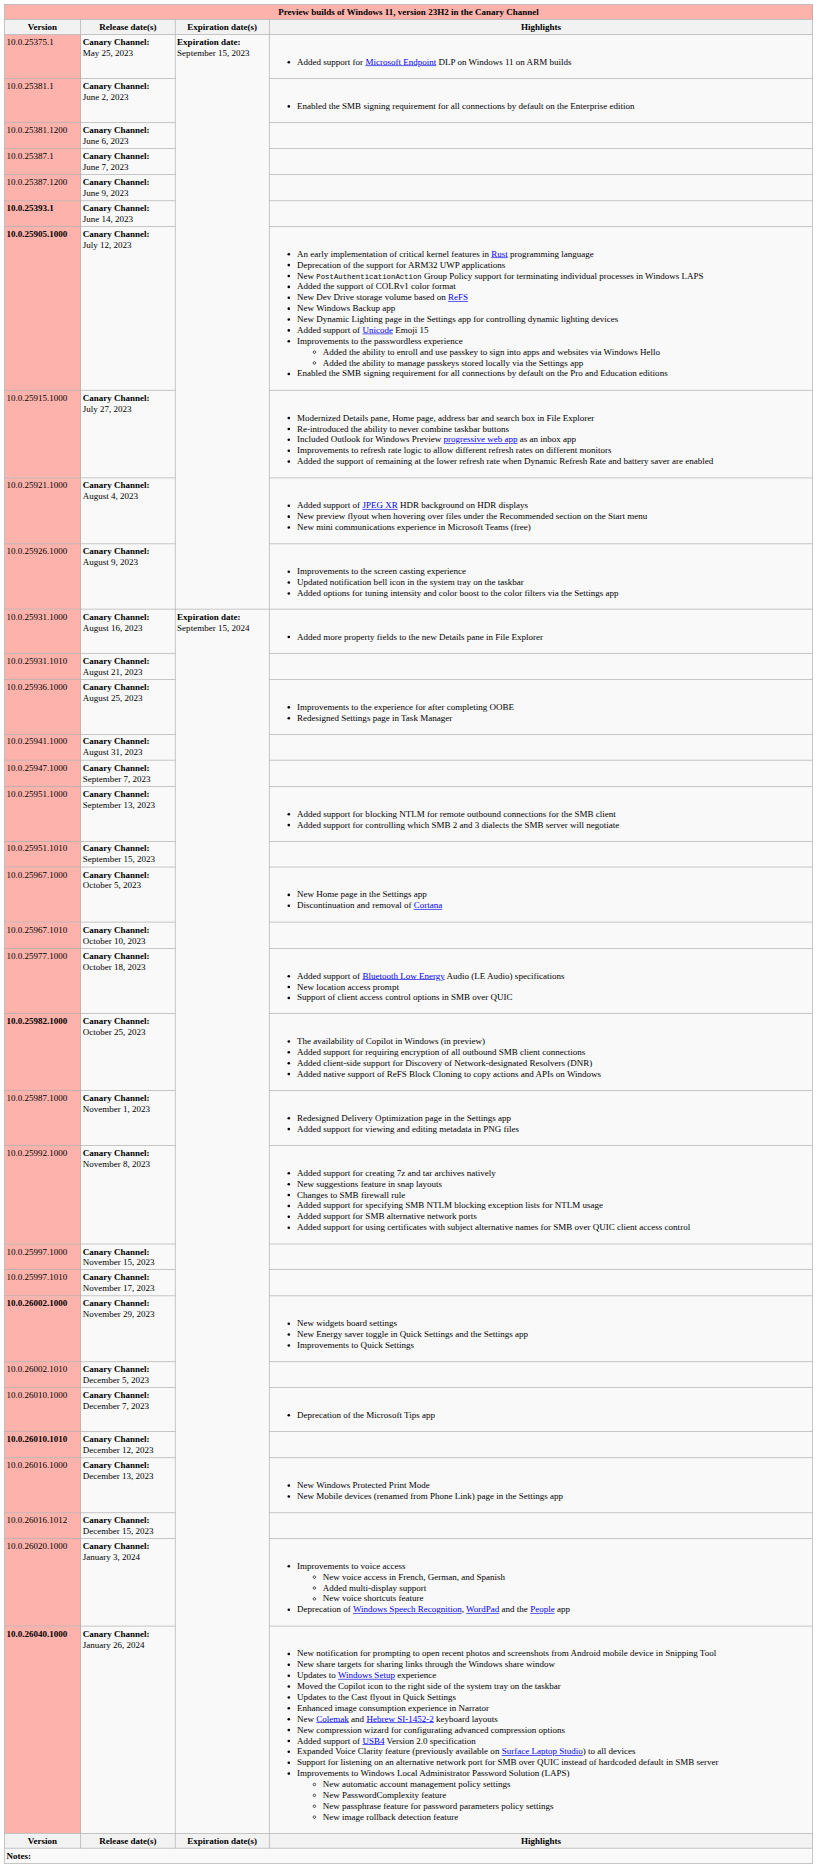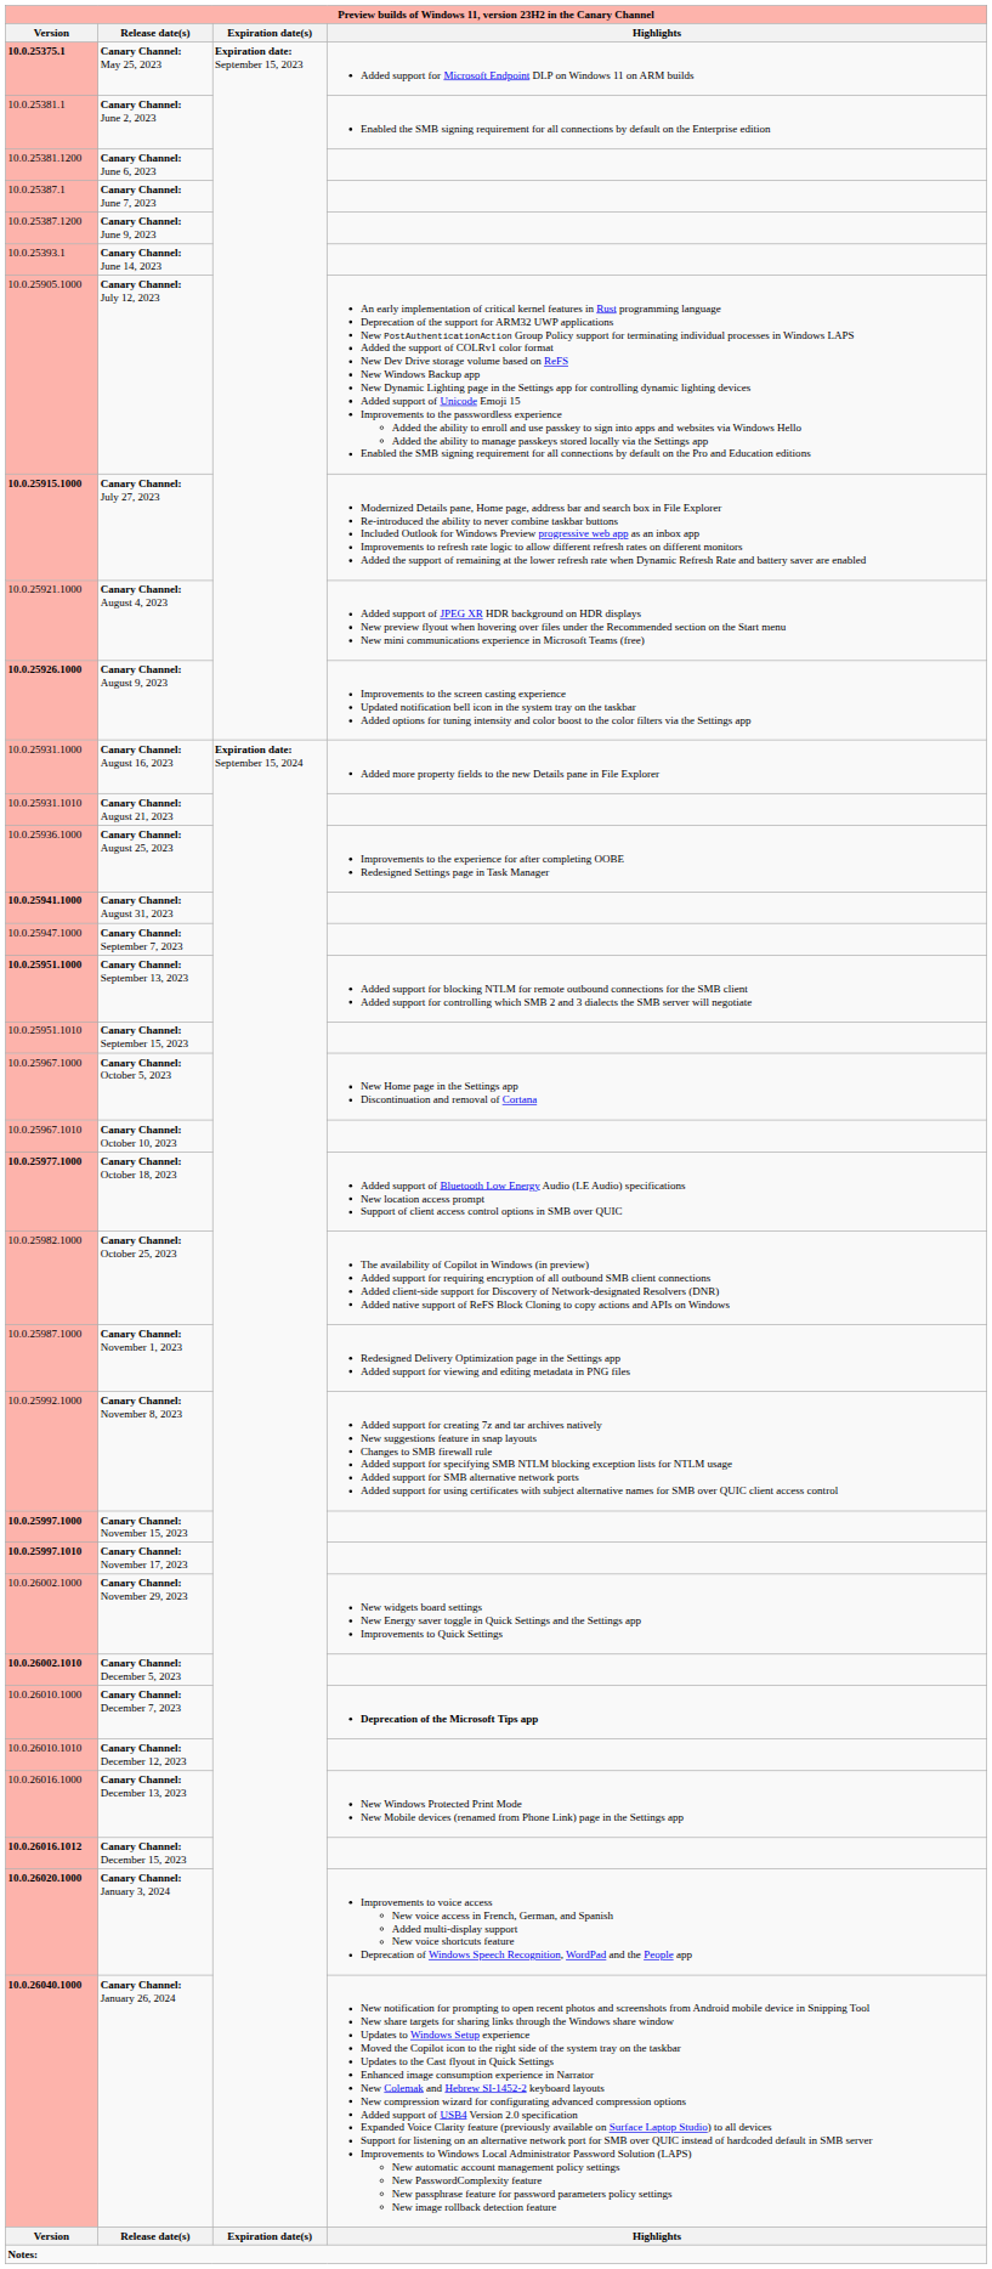 <table class="wikitable mw-collapsible mw-collapsed" style=width:100%;font-size:88%>
 <tr>
 <th colspan=4 style=background:#fdb3ab>Preview builds of Windows 11, version 23H2 in the Canary Channel</th>
 </tr>
 <tr>
 <th scope=col style=width:8em>Version</th>
 <th scope=col style=width:10em>Release date(s)</th>
 <th scope=col style=width:10em>Expiration date(s)</th>
 <th scope=col>Highlights</th>
 </tr>
 <tr valign=top>
-<td style=background:#fdb3ab>10.0.25375.1<br></td>
+<td style=background:#fdb3ab><strong>10.0.25375.1<br></strong></td>
 <td><strong>Canary Channel:</strong><br>May 25, 2023</td>
 <td rowspan=10><strong>Expiration date:</strong><br>September 15, 2023</td>
 <td><br><ul><li>Added support for <a href='#'>Microsoft Endpoint</a> DLP on Windows 11 on ARM builds</li></ul></td>
 </tr>
 <tr valign=top>
 <td style=background:#fdb3ab>10.0.25381.1<br></td>
 <td><strong>Canary Channel:</strong><br>June 2, 2023</td>
 <td><br><ul><li>Enabled the SMB signing requirement for all connections by default on the Enterprise edition</li></ul></td>
 </tr>
 <tr valign=top>
 <td style=background:#fdb3ab>10.0.25381.1200<br></td>
 <td><strong>Canary Channel:</strong><br>June 6, 2023</td>
 <td></td>
 </tr>
 <tr valign=top>
 <td style=background:#fdb3ab>10.0.25387.1<br></td>
 <td><strong>Canary Channel:</strong><br>June 7, 2023</td>
 <td></td>
 </tr>
 <tr valign=top>
 <td style=background:#fdb3ab>10.0.25387.1200<br></td>
 <td><strong>Canary Channel:</strong><br>June 9, 2023</td>
 <td></td>
 </tr>
 <tr valign=top>
-<td style=background:#fdb3ab><strong>10.0.25393.1<br></strong></td>
+<td style=background:#fdb3ab>10.0.25393.1<br></td>
 <td><strong>Canary Channel:</strong><br>June 14, 2023</td>
 <td></td>
 </tr>
 <tr valign=top>
-<td style=background:#fdb3ab><strong>10.0.25905.1000<br></strong></td>
+<td style=background:#fdb3ab>10.0.25905.1000<br></td>
 <td><strong>Canary Channel:</strong><br>July 12, 2023</td>
 <td><br><ul><li>An early implementation of critical kernel features in <a href='#'>Rust</a> programming language</li><li>Deprecation of the support for ARM32 UWP applications</li><li>New <code>PostAuthenticationAction</code> Group Policy support for terminating individual processes in Windows LAPS</li><li>Added the support of COLRv1 color format</li><li>New Dev Drive storage volume based on <a href='#'>ReFS</a></li><li>New Windows Backup app</li><li>New Dynamic Lighting page in the Settings app for controlling dynamic lighting devices</li><li>Added support of <a href='#'>Unicode</a> Emoji 15</li><li>Improvements to the passwordless experience<ul><li>Added the ability to enroll and use passkey to sign into apps and websites via Windows Hello</li><li>Added the ability to manage passkeys stored locally via the Settings app</li></ul></li><li>Enabled the SMB signing requirement for all connections by default on the Pro and Education editions</li></ul></td>
 </tr>
 <tr valign=top>
-<td style=background:#fdb3ab>10.0.25915.1000<br></td>
+<td style=background:#fdb3ab><strong>10.0.25915.1000<br></strong></td>
 <td><strong>Canary Channel:</strong><br>July 27, 2023</td>
 <td><br><ul><li>Modernized Details pane, Home page, address bar and search box in File Explorer</li><li>Re-introduced the ability to never combine taskbar buttons</li><li>Included Outlook for Windows Preview <a href='#'>progressive web app</a> as an inbox app</li><li>Improvements to refresh rate logic to allow different refresh rates on different monitors</li><li>Added the support of remaining at the lower refresh rate when Dynamic Refresh Rate and battery saver are enabled</li></ul></td>
 </tr>
 <tr valign=top>
 <td style=background:#fdb3ab>10.0.25921.1000<br></td>
 <td><strong>Canary Channel:</strong><br>August 4, 2023</td>
 <td><br><ul><li>Added support of <a href='#'>JPEG XR</a> HDR background on HDR displays</li><li>New preview flyout when hovering over files under the Recommended section on the Start menu</li><li>New mini communications experience in Microsoft Teams (free)</li></ul></td>
 </tr>
 <tr valign=top>
-<td style=background:#fdb3ab>10.0.25926.1000<br></td>
+<td style=background:#fdb3ab><strong>10.0.25926.1000<br></strong></td>
 <td><strong>Canary Channel:</strong><br>August 9, 2023</td>
 <td><br><ul><li>Improvements to the screen casting experience</li><li>Updated notification bell icon in the system tray on the taskbar</li><li>Added options for tuning intensity and color boost to the color filters via the Settings app</li></ul></td>
 </tr>
 <tr valign=top>
 <td style=background:#fdb3ab>10.0.25931.1000<br></td>
 <td><strong>Canary Channel:</strong><br>August 16, 2023</td>
 <td rowspan=23><strong>Expiration date:</strong><br>September 15, 2024</td>
 <td><br><ul><li>Added more property fields to the new Details pane in File Explorer</li></ul></td>
 </tr>
 <tr valign=top>
 <td style=background:#fdb3ab>10.0.25931.1010<br></td>
 <td><strong>Canary Channel:</strong><br>August 21, 2023</td>
 <td></td>
 </tr>
 <tr valign=top>
 <td style=background:#fdb3ab>10.0.25936.1000<br></td>
 <td><strong>Canary Channel:</strong><br>August 25, 2023</td>
 <td><br><ul><li>Improvements to the experience for after completing OOBE</li><li>Redesigned Settings page in Task Manager</li></ul></td>
 </tr>
 <tr valign=top>
-<td style=background:#fdb3ab>10.0.25941.1000<br></td>
+<td style=background:#fdb3ab><strong>10.0.25941.1000<br></strong></td>
 <td><strong>Canary Channel:</strong><br>August 31, 2023</td>
 <td></td>
 </tr>
 <tr valign=top>
 <td style=background:#fdb3ab>10.0.25947.1000<br></td>
 <td><strong>Canary Channel:</strong><br>September 7, 2023</td>
 <td></td>
 </tr>
 <tr valign=top>
-<td style=background:#fdb3ab>10.0.25951.1000<br></td>
+<td style=background:#fdb3ab><strong>10.0.25951.1000<br></strong></td>
 <td><strong>Canary Channel:</strong><br>September 13, 2023</td>
 <td><br><ul><li>Added support for blocking NTLM for remote outbound connections for the SMB client</li><li>Added support for controlling which SMB 2 and 3 dialects the SMB server will negotiate</li></ul></td>
 </tr>
 <tr valign=top>
 <td style=background:#fdb3ab>10.0.25951.1010<br></td>
 <td><strong>Canary Channel:</strong><br>September 15, 2023</td>
 <td></td>
 </tr>
 <tr valign=top>
 <td style=background:#fdb3ab>10.0.25967.1000<br></td>
 <td><strong>Canary Channel:</strong><br>October 5, 2023</td>
 <td><br><ul><li>New Home page in the Settings app</li><li>Discontinuation and removal of <a href='#'>Cortana</a></li></ul></td>
 </tr>
 <tr valign=top>
 <td style=background:#fdb3ab>10.0.25967.1010<br></td>
 <td><strong>Canary Channel:</strong><br>October 10, 2023</td>
 <td></td>
 </tr>
 <tr valign=top>
-<td style=background:#fdb3ab>10.0.25977.1000<br></td>
+<td style=background:#fdb3ab><strong>10.0.25977.1000<br></strong></td>
 <td><strong>Canary Channel:</strong><br>October 18, 2023</td>
 <td><br><ul><li>Added support of <a href='#'>Bluetooth Low Energy</a> Audio (LE Audio) specifications</li><li>New location access prompt</li><li>Support of client access control options in SMB over QUIC</li></ul></td>
 </tr>
 <tr valign=top>
-<td style=background:#fdb3ab><strong>10.0.25982.1000<br></strong></td>
+<td style=background:#fdb3ab>10.0.25982.1000<br></td>
 <td><strong>Canary Channel:</strong><br>October 25, 2023</td>
 <td><br><ul><li>The availability of Copilot in Windows (in preview)</li><li>Added support for requiring encryption of all outbound SMB client connections</li><li>Added client-side support for Discovery of Network-designated Resolvers (DNR)</li><li>Added native support of ReFS Block Cloning to copy actions and APIs on Windows</li></ul></td>
 </tr>
 <tr valign=top>
 <td style=background:#fdb3ab>10.0.25987.1000<br></td>
 <td><strong>Canary Channel:</strong><br>November 1, 2023</td>
 <td><br><ul><li>Redesigned Delivery Optimization page in the Settings app</li><li>Added support for viewing and editing metadata in PNG files</li></ul></td>
 </tr>
 <tr valign=top>
 <td style=background:#fdb3ab>10.0.25992.1000<br></td>
 <td><strong>Canary Channel:</strong><br>November 8, 2023</td>
 <td><br><ul><li>Added support for creating 7z and tar archives natively</li><li>New suggestions feature in snap layouts</li><li>Changes to SMB firewall rule</li><li>Added support for specifying SMB NTLM blocking exception lists for NTLM usage</li><li>Added support for SMB alternative network ports</li><li>Added support for using certificates with subject alternative names for SMB over QUIC client access control</li></ul></td>
 </tr>
 <tr valign=top>
-<td style=background:#fdb3ab>10.0.25997.1000<br></td>
+<td style=background:#fdb3ab><strong>10.0.25997.1000<br></strong></td>
 <td><strong>Canary Channel:</strong><br>November 15, 2023</td>
 <td></td>
 </tr>
 <tr valign=top>
-<td style=background:#fdb3ab>10.0.25997.1010<br></td>
+<td style=background:#fdb3ab><strong>10.0.25997.1010<br></strong></td>
 <td><strong>Canary Channel:</strong><br>November 17, 2023</td>
 <td></td>
 </tr>
 <tr valign=top>
-<td style=background:#fdb3ab><strong>10.0.26002.1000<br></strong></td>
+<td style=background:#fdb3ab>10.0.26002.1000<br></td>
 <td><strong>Canary Channel:</strong><br>November 29, 2023</td>
 <td><br><ul><li>New widgets board settings</li><li>New Energy saver toggle in Quick Settings and the Settings app</li><li>Improvements to Quick Settings</li></ul></td>
 </tr>
 <tr valign=top>
-<td style=background:#fdb3ab>10.0.26002.1010<br></td>
+<td style=background:#fdb3ab><strong>10.0.26002.1010<br></strong></td>
 <td><strong>Canary Channel:</strong><br>December 5, 2023</td>
 <td></td>
 </tr>
 <tr valign=top>
 <td style=background:#fdb3ab>10.0.26010.1000<br></td>
 <td><strong>Canary Channel:</strong><br>December 7, 2023</td>
-<td><br><ul><li>Deprecation of the Microsoft Tips app</li></ul></td>
+<td><strong><br><ul><li>Deprecation of the Microsoft Tips app</li></ul></strong></td>
 </tr>
 <tr valign=top>
-<td style=background:#fdb3ab><strong>10.0.26010.1010<br></strong></td>
+<td style=background:#fdb3ab>10.0.26010.1010<br></td>
 <td><strong>Canary Channel:</strong><br>December 12, 2023</td>
 <td></td>
 </tr>
 <tr valign=top>
 <td style=background:#fdb3ab>10.0.26016.1000<br></td>
 <td><strong>Canary Channel:</strong><br>December 13, 2023</td>
 <td><br><ul><li>New Windows Protected Print Mode</li><li>New Mobile devices (renamed from Phone Link) page in the Settings app</li></ul></td>
 </tr>
 <tr valign=top>
-<td style=background:#fdb3ab>10.0.26016.1012<br></td>
+<td style=background:#fdb3ab><strong>10.0.26016.1012<br></strong></td>
 <td><strong>Canary Channel:</strong><br>December 15, 2023</td>
 <td></td>
 </tr>
 <tr valign=top>
-<td style=background:#fdb3ab>10.0.26020.1000<br></td>
+<td style=background:#fdb3ab><strong>10.0.26020.1000<br></strong></td>
 <td><strong>Canary Channel:</strong><br>January 3, 2024</td>
 <td><br><ul><li>Improvements to voice access<ul><li>New voice access in French, German, and Spanish</li><li>Added multi-display support</li><li>New voice shortcuts feature</li></ul></li><li>Deprecation of <a href='#'>Windows Speech Recognition</a>, <a href='#'>WordPad</a> and the <a href='#'>People</a> app</li></ul></td>
 </tr>
 <tr valign=top>
 <td style=background:#fdb3ab><strong>10.0.26040.1000<br></strong></td>
 <td><strong>Canary Channel:</strong><br>January 26, 2024</td>
 <td><br><ul><li>New notification for prompting to open recent photos and screenshots from Android mobile device in Snipping Tool</li><li>New share targets for sharing links through the Windows share window</li><li>Updates to <a href='#'>Windows Setup</a> experience</li><li>Moved the Copilot icon to the right side of the system tray on the taskbar</li><li>Updates to the Cast flyout in Quick Settings</li><li>Enhanced image consumption experience in Narrator</li><li>New <a href='#'>Colemak</a> and <a href='#'>Hebrew SI-1452-2</a> keyboard layouts</li><li>New compression wizard for configurating advanced compression options</li><li>Added support of <a href='#'>USB4</a> Version 2.0 specification</li><li>Expanded Voice Clarity feature (previously available on <a href='#'>Surface Laptop Studio</a>) to all devices</li><li>Support for listening on an alternative network port for SMB over QUIC instead of hardcoded default in SMB server</li><li>Improvements to Windows Local Administrator Password Solution (LAPS)<ul><li>New automatic account management policy settings</li><li>New PasswordComplexity feature</li><li>New passphrase feature for password parameters policy settings</li><li>New image rollback detection feature</li></ul></li></ul></td>
 </tr>
 <tr>
 <th>Version</th>
 <th>Release date(s)</th>
 <th>Expiration date(s)</th>
 <th>Highlights</th>
 </tr>
 <tr>
 <td class="wikitable mw-collapsible" colspan=4 style=text-align:left><strong>Notes:</strong></td>
 </tr>
 </table>
